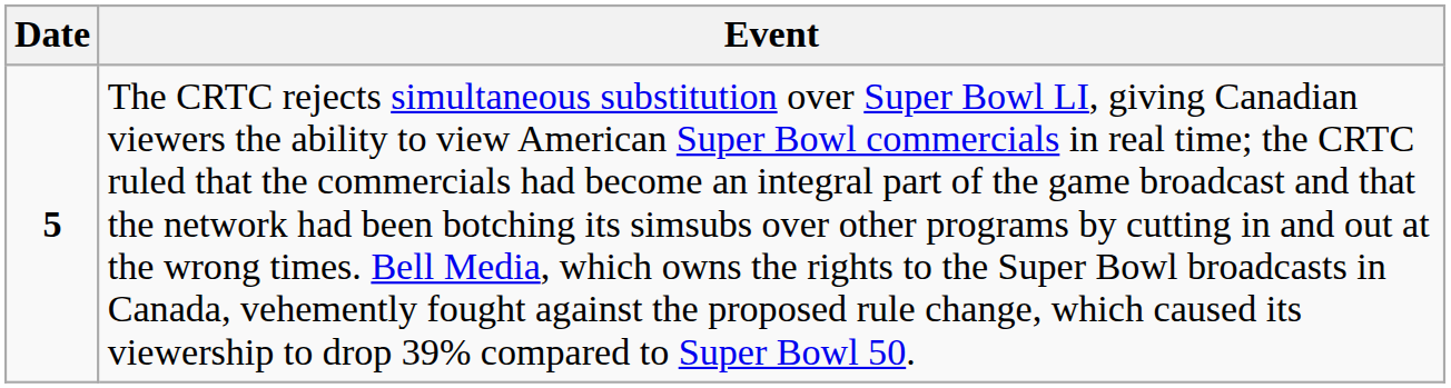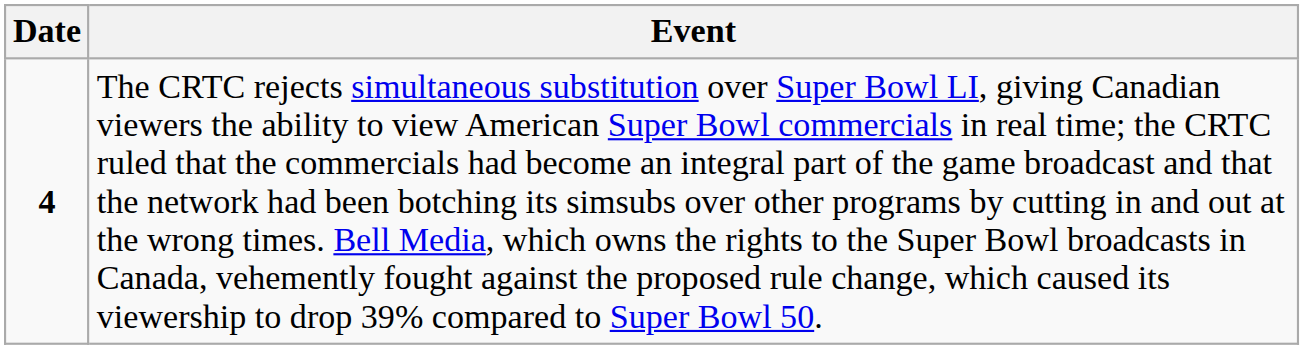 <table class="wikitable">
 <tr>
 <th>Date</th>
 <th>Event</th>
 </tr>
 <tr>
-<td style="text-align:center;"><strong>5</strong></td>
+<td style="text-align:center;"><strong>4</strong></td>
 <td>The CRTC rejects <a href='#'>simultaneous substitution</a> over <a href='#'>Super Bowl LI</a>, giving Canadian viewers the ability to view American <a href='#'>Super Bowl commercials</a> in real time; the CRTC ruled that the commercials had become an integral part of the game broadcast and that the network had been botching its simsubs over other programs by cutting in and out at the wrong times. <a href='#'>Bell Media</a>, which owns the rights to the Super Bowl broadcasts in Canada, vehemently fought against the proposed rule change, which caused its viewership to drop 39% compared to <a href='#'>Super Bowl 50</a>.</td>
 </tr>
 </table>
